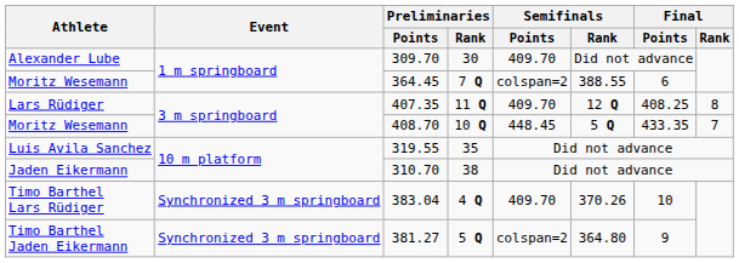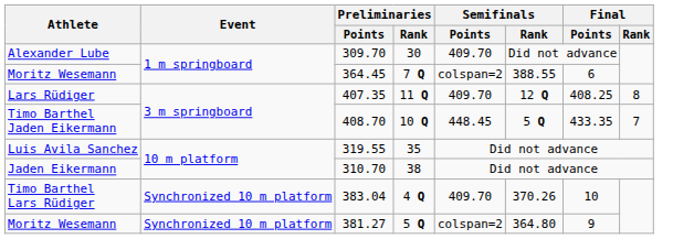 <table class="wikitable" style="font-size:90%">
 <tr>
 <th rowspan="2">Athlete</th>
 <th rowspan="2">Event</th>
 <th colspan="2">Preliminaries</th>
 <th colspan="2">Semifinals</th>
 <th colspan="2">Final</th>
 </tr>
 <tr style="font-size:95%">
 <th>Points</th>
 <th>Rank</th>
 <th>Points</th>
 <th>Rank</th>
 <th>Points</th>
 <th>Rank</th>
 </tr>
 <tr align=center>
 <td align=left><a href='#'>Alexander Lube</a></td>
 <td align=left rowspan=2><a href='#'>1 m springboard</a></td>
 <td>309.70</td>
 <td>30</td>
 <td>409.70</td>
 <td colspan=2>Did not advance</td>
 </tr>
 <tr align=center>
 <td align=left><a href='#'>Moritz Wesemann</a></td>
 <td>364.45</td>
 <td>7 <strong>Q</strong></td>
 <td>colspan=2</td>
 <td>388.55</td>
 <td>6</td>
 </tr>
 <tr align=center>
 <td align=left><a href='#'>Lars Rüdiger</a></td>
 <td align=left rowspan=2><a href='#'>3 m springboard</a></td>
 <td>407.35</td>
 <td>11 <strong>Q</strong></td>
 <td>409.70</td>
 <td>12 <strong>Q</strong></td>
 <td>408.25</td>
 <td>8</td>
 </tr>
 <tr align=center>
-<td align=left><a href='#'>Moritz Wesemann</a></td>
+<td align=left><a href='#'>Timo Barthel</a><br><a href='#'>Jaden Eikermann</a></td>
 <td>408.70</td>
 <td>10 <strong>Q</strong></td>
 <td>448.45</td>
 <td>5 <strong>Q</strong></td>
 <td>433.35</td>
 <td>7</td>
 </tr>
 <tr align=center>
 <td align=left><a href='#'>Luis Avila Sanchez</a></td>
 <td align=left rowspan=2><a href='#'>10 m platform</a></td>
 <td>319.55</td>
 <td>35</td>
 <td colspan=4>Did not advance</td>
 </tr>
 <tr align=center>
 <td align=left><a href='#'>Jaden Eikermann</a></td>
 <td>310.70</td>
 <td>38</td>
 <td colspan=4>Did not advance</td>
 </tr>
 <tr align=center>
 <td align=left><a href='#'>Timo Barthel</a><br><a href='#'>Lars Rüdiger</a></td>
-<td align=left><a href='#'>Synchronized 3 m springboard</a></td>
+<td align=left><a href='#'>Synchronized 10 m platform</a></td>
 <td>383.04</td>
 <td>4 <strong>Q</strong></td>
 <td>409.70</td>
 <td>370.26</td>
 <td>10</td>
 </tr>
 <tr align=center>
-<td align=left><a href='#'>Timo Barthel</a><br><a href='#'>Jaden Eikermann</a></td>
-<td align=left><a href='#'>Synchronized 3 m springboard</a></td>
+<td align=left><a href='#'>Moritz Wesemann</a></td>
+<td align=left><a href='#'>Synchronized 10 m platform</a></td>
 <td>381.27</td>
 <td>5 <strong>Q</strong></td>
 <td>colspan=2</td>
 <td>364.80</td>
 <td>9</td>
 </tr>
 </table>
